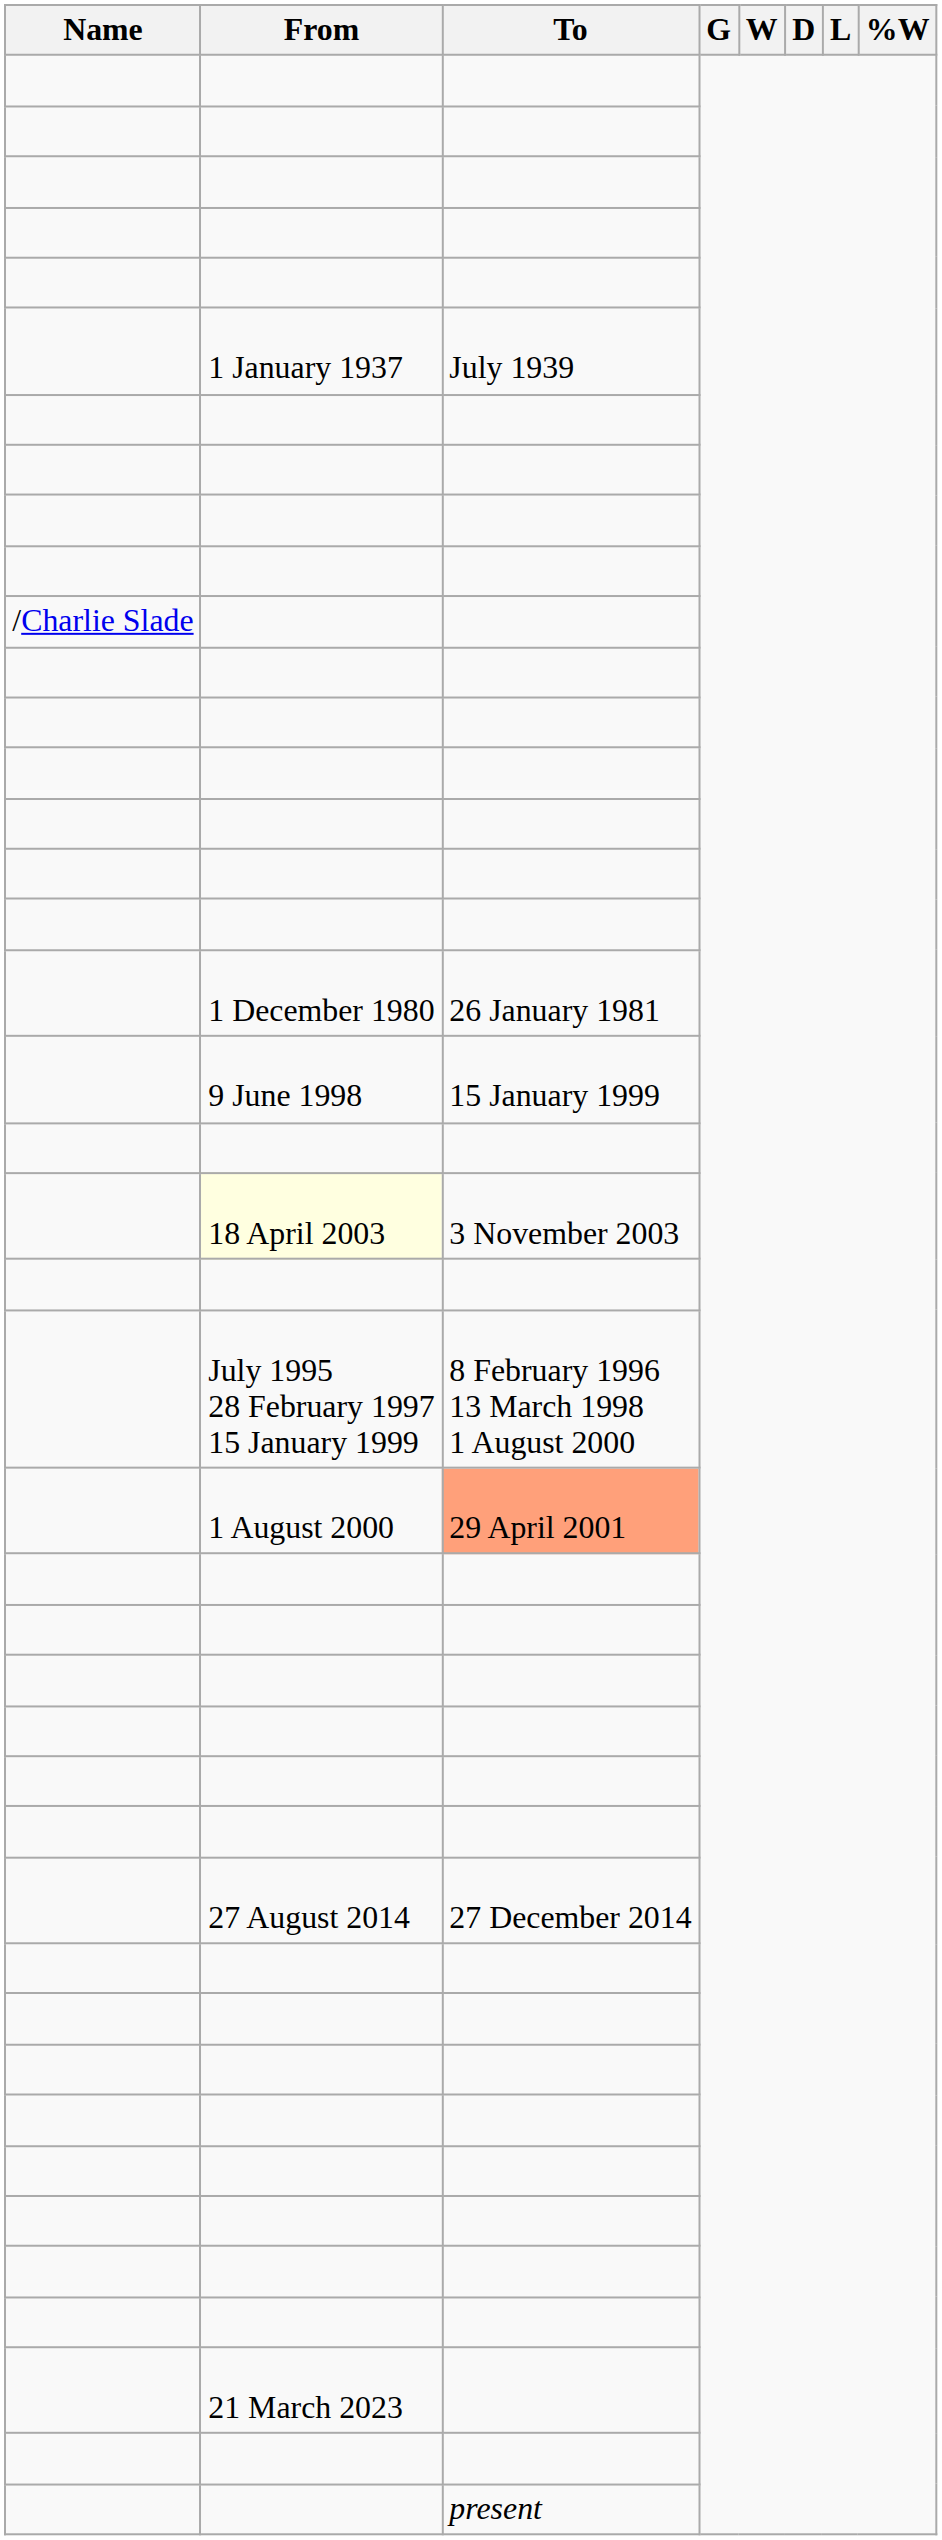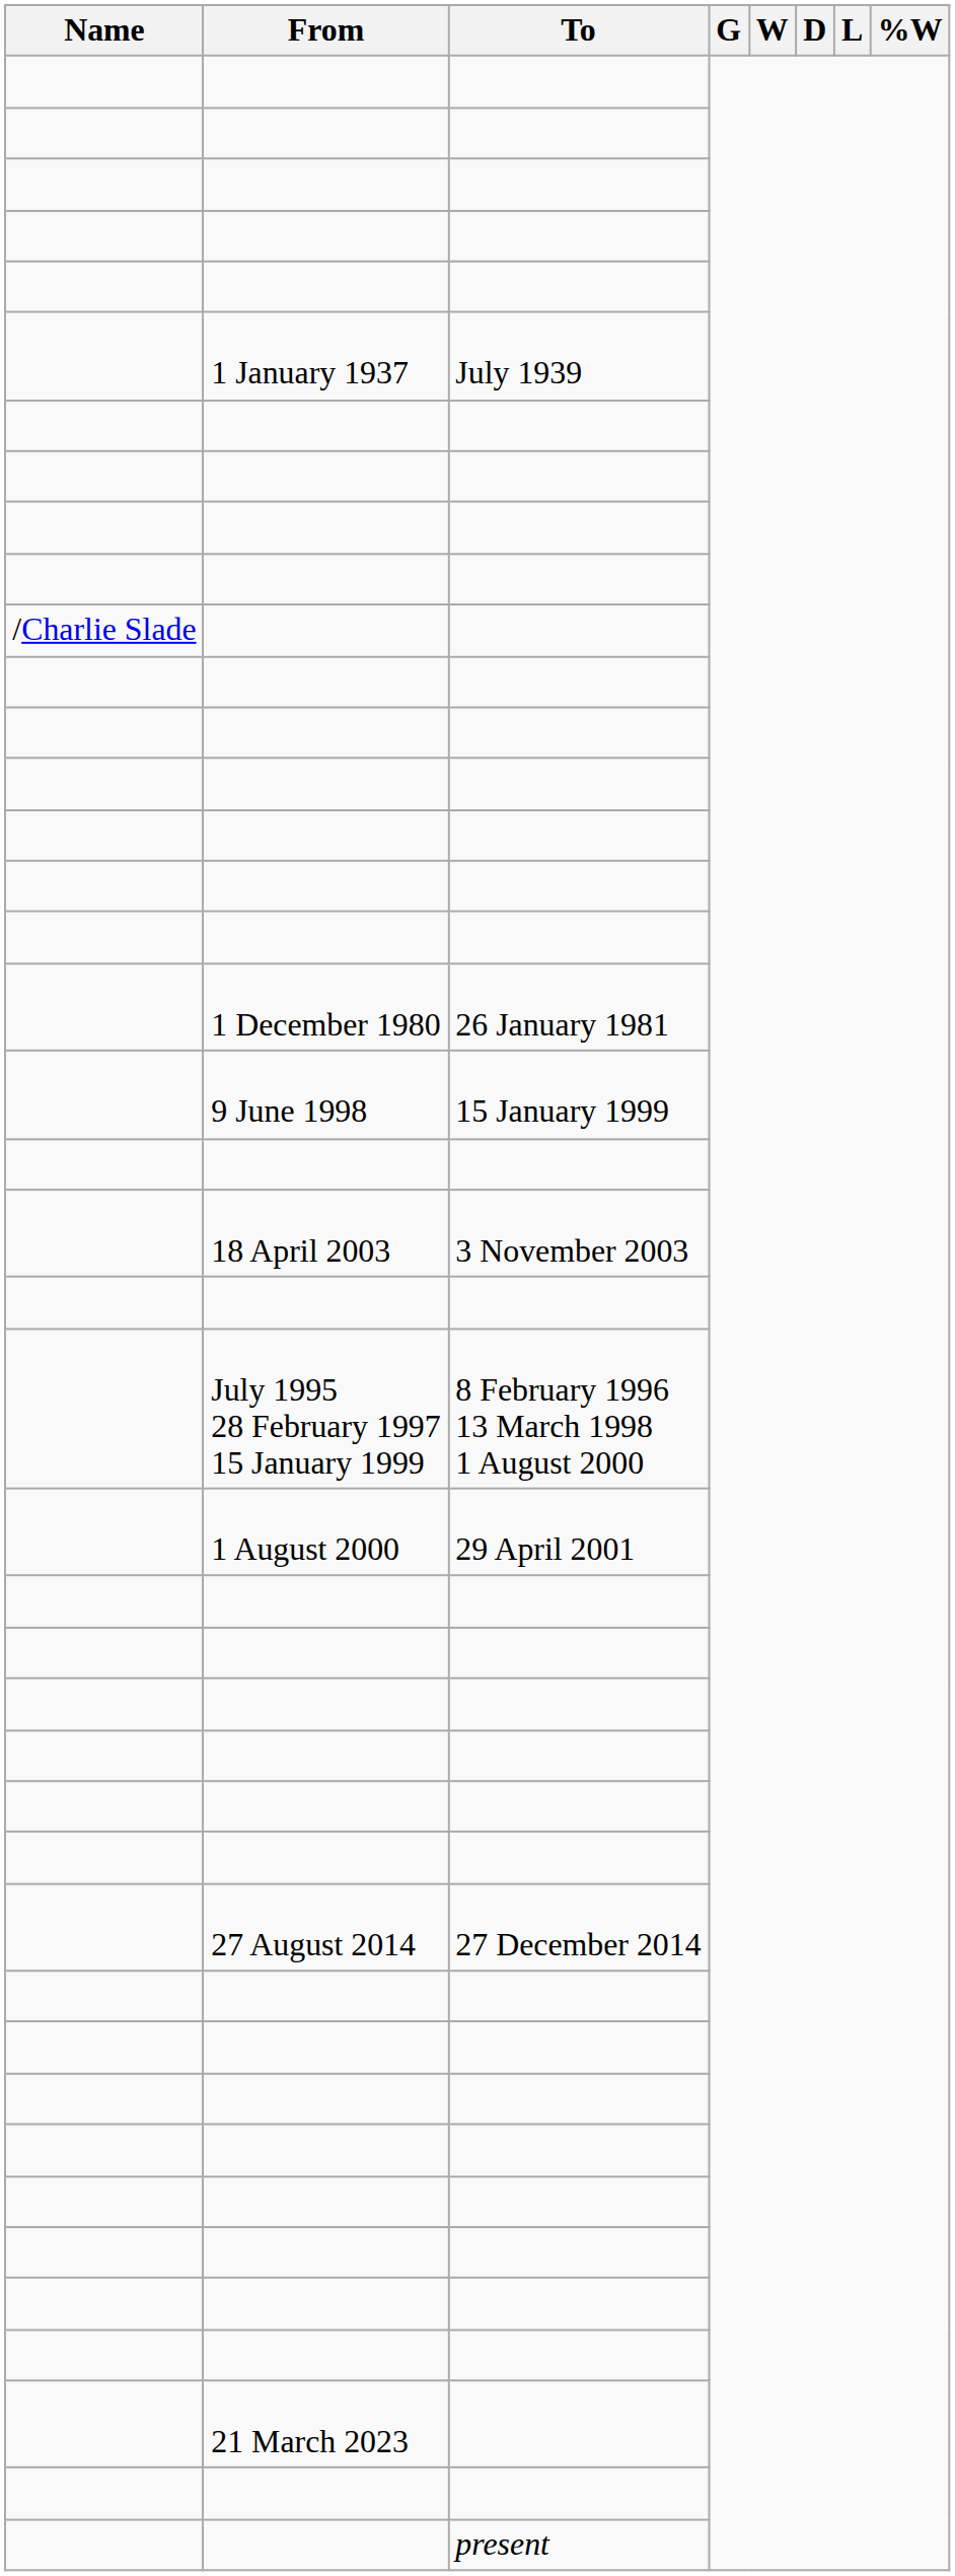 <table class="wikitable sortable" style="text-align: center">
 <tr>
 <th>Name</th>
 <th>From</th>
 <th>To</th>
 <th>G</th>
 <th>W</th>
 <th>D</th>
 <th>L</th>
 <th>%W</th>
 </tr>
 <tr>
 <td align=left></td>
 <td align=left></td>
 <td align=left><br></td>
 </tr>
 <tr>
 <td align=left></td>
 <td align=left></td>
 <td align=left><br></td>
 </tr>
 <tr>
 <td align=left></td>
 <td align=left></td>
 <td align=left><br></td>
 </tr>
 <tr>
 <td align=left></td>
 <td align=left></td>
 <td align=left><br></td>
 </tr>
 <tr>
 <td align=left></td>
 <td align=left></td>
 <td align=left><br></td>
 </tr>
 <tr>
 <td align=left></td>
 <td align=left><br>1 January 1937</td>
 <td align=left><br>July 1939<br></td>
 </tr>
 <tr>
 <td align=left></td>
 <td align=left></td>
 <td align=left><br></td>
 </tr>
 <tr>
 <td align=left></td>
 <td align=left></td>
 <td align=left><br></td>
 </tr>
 <tr>
 <td align=left></td>
 <td align=left></td>
 <td align=left><br></td>
 </tr>
 <tr>
 <td align=left></td>
 <td align=left></td>
 <td align=left><br></td>
 </tr>
 <tr>
 <td align=left>/<a href='#'>Charlie Slade</a></td>
 <td align=left></td>
 <td align=left><br></td>
 </tr>
 <tr>
 <td align=left></td>
 <td align=left></td>
 <td align=left><br></td>
 </tr>
 <tr>
 <td align=left></td>
 <td align=left></td>
 <td align=left><br></td>
 </tr>
 <tr>
 <td align=left></td>
 <td align=left></td>
 <td align=left><br></td>
 </tr>
 <tr>
 <td align=left></td>
 <td align=left></td>
 <td align=left><br></td>
 </tr>
 <tr>
 <td align=left></td>
 <td align=left></td>
 <td align=left><br></td>
 </tr>
 <tr>
 <td align=left></td>
 <td align=left></td>
 <td align=left><br></td>
 </tr>
 <tr>
 <td align=left></td>
 <td align=left><br>1 December 1980</td>
 <td align=left><br>26 January 1981<br></td>
 </tr>
 <tr>
 <td align=left></td>
 <td align=left><br>9 June 1998</td>
 <td align=left><br>15 January 1999<br></td>
 </tr>
 <tr>
 <td align=left></td>
 <td align=left></td>
 <td align=left><br></td>
 </tr>
 <tr>
 <td align=left></td>
-<td align=left style="background: lightyellow;"><br>18 April 2003</td>
+<td align=left><br>18 April 2003</td>
 <td align=left><br>3 November 2003<br></td>
 </tr>
 <tr>
 <td align=left></td>
 <td align=left></td>
 <td align=left><br></td>
 </tr>
 <tr>
 <td align=left></td>
 <td align=left><br>July 1995<br>28 February 1997<br>15 January 1999</td>
 <td align=left><br>8 February 1996<br>13 March 1998<br>1 August 2000<br></td>
 </tr>
 <tr>
 <td align=left></td>
 <td align=left><br>1 August 2000</td>
-<td align=left style="background: lightsalmon;"><br>29 April 2001<br></td>
+<td align=left><br>29 April 2001<br></td>
 </tr>
 <tr>
 <td align=left></td>
 <td align=left></td>
 <td align=left><br></td>
 </tr>
 <tr>
 <td align=left></td>
 <td align=left></td>
 <td align=left><br></td>
 </tr>
 <tr>
 <td align=left></td>
 <td align=left></td>
 <td align=left><br></td>
 </tr>
 <tr>
 <td align=left></td>
 <td align=left></td>
 <td align=left><br></td>
 </tr>
 <tr>
 <td align=left></td>
 <td align=left></td>
 <td align=left><br></td>
 </tr>
 <tr>
 <td align=left></td>
 <td align=left></td>
 <td align=left><br></td>
 </tr>
 <tr>
 <td align=left></td>
 <td align=left><br>27 August 2014</td>
 <td align=left><br>27 December 2014<br></td>
 </tr>
 <tr>
 <td align=left></td>
 <td align=left></td>
 <td align=left><br></td>
 </tr>
 <tr>
 <td align=left></td>
 <td align=left></td>
 <td align=left><br></td>
 </tr>
 <tr>
 <td align=left></td>
 <td align=left></td>
 <td align=left><br></td>
 </tr>
 <tr>
 <td align=left></td>
 <td align=left></td>
 <td align=left><br></td>
 </tr>
 <tr>
 <td align=left></td>
 <td align=left></td>
 <td align=left><br></td>
 </tr>
 <tr>
 <td align=left></td>
 <td align=left></td>
 <td align=left><br></td>
 </tr>
 <tr>
 <td align=left></td>
 <td align=left></td>
 <td align=left><br></td>
 </tr>
 <tr>
 <td align=left></td>
 <td align=left></td>
 <td align=left><br></td>
 </tr>
 <tr>
 <td align=left></td>
 <td align=left><br>21 March 2023</td>
 <td align=left><br><br></td>
 </tr>
 <tr>
 <td align=left></td>
 <td align=left></td>
 <td align=left><br></td>
 </tr>
 <tr>
 <td align=left><br></td>
 <td align=left></td>
 <td align=left><em>present</em><br></td>
 </tr>
 </table>
